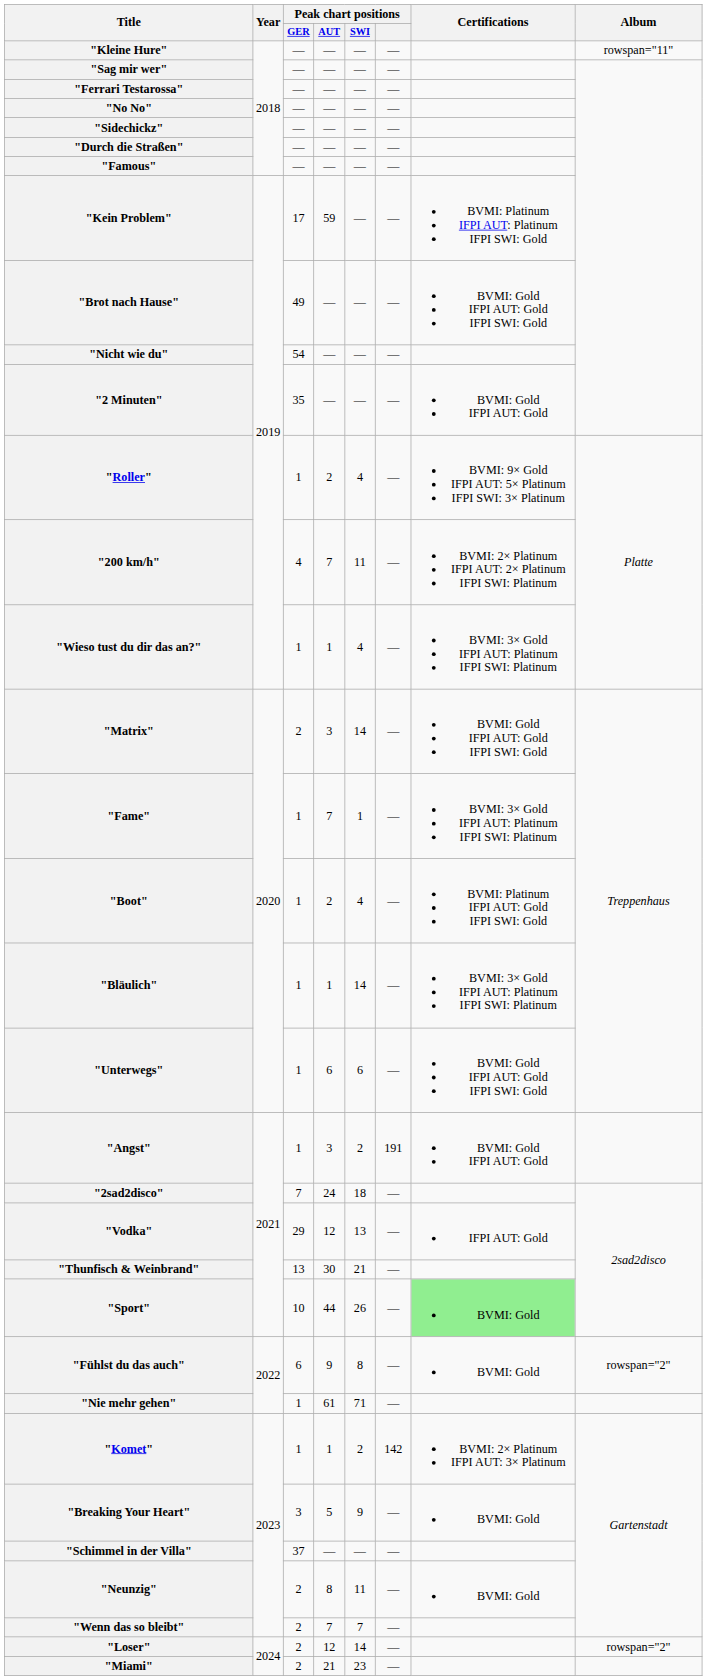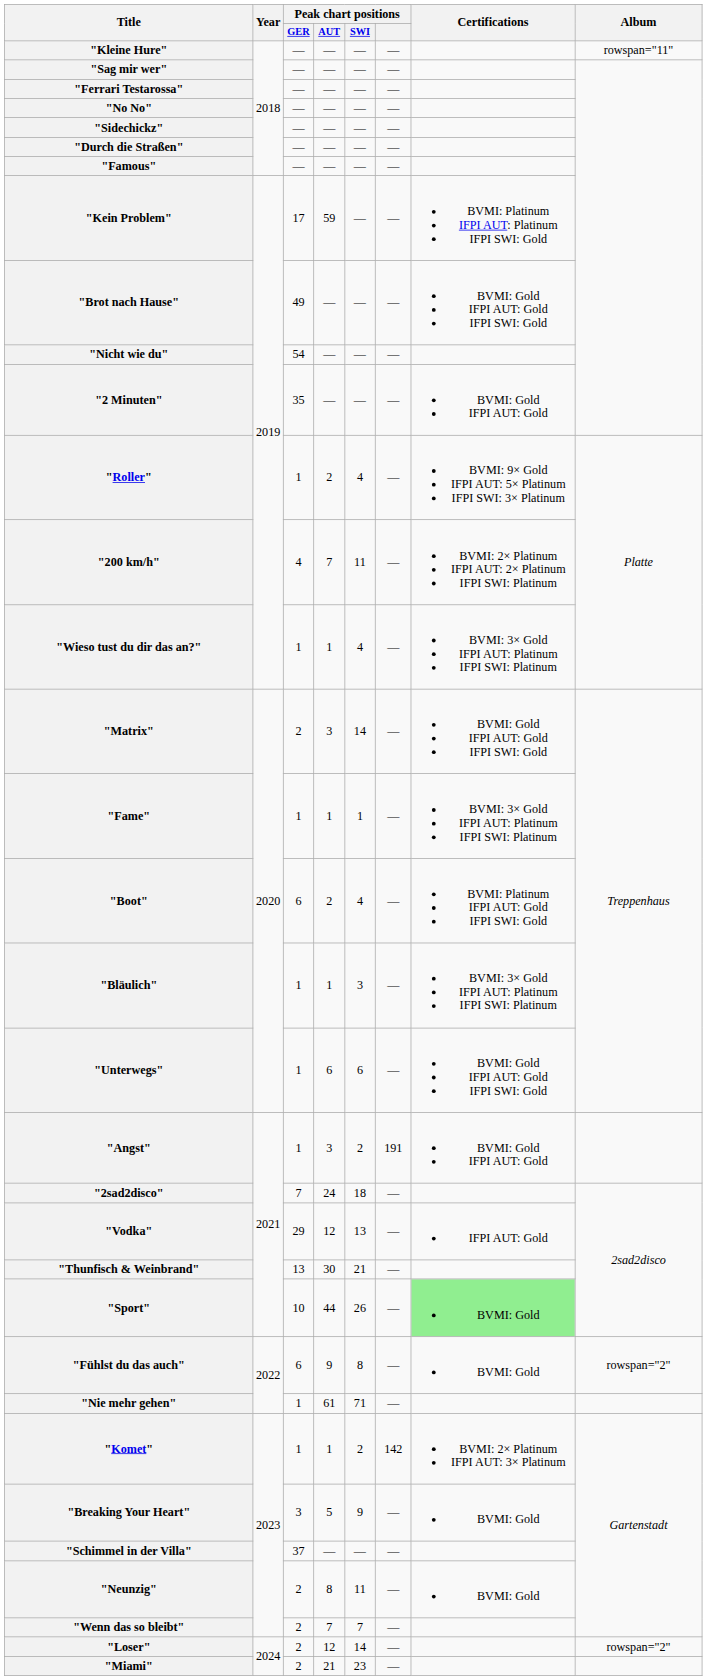 <table class="wikitable plainrowheaders" style="text-align:center;">
 <tr>
 <th scope="col" rowspan="2" style="width:20em;">Title</th>
 <th scope="col" rowspan="2" style="width:1em;">Year</th>
 <th scope="col" colspan="4">Peak chart positions</th>
 <th scope="col" rowspan="2" style="width:13em;">Certifications</th>
 <th scope="col" rowspan="2" style="width:10em;">Album</th>
 </tr>
 <tr>
 <th style="width:2.5em; font-size:85%"><a href='#'>GER</a><br></th>
 <th style="width:2.5em; font-size:85%"><a href='#'>AUT</a><br></th>
 <th style="width:2.5em; font-size:85%"><a href='#'>SWI</a><br></th>
 <th style="width:3em; font-size:85%;"><a href='#'></a><br></th>
 </tr>
 <tr>
 <th scope="row">"Kleine Hure"</th>
 <td rowspan="7">2018</td>
 <td>—</td>
 <td>—</td>
 <td>—</td>
 <td>—</td>
 <td></td>
 <td>rowspan="11" </td>
 </tr>
 <tr>
 <th scope="row">"Sag mir wer"</th>
 <td>—</td>
 <td>—</td>
 <td>—</td>
 <td>—</td>
 <td></td>
 </tr>
 <tr>
 <th scope="row">"Ferrari Testarossa"</th>
 <td>—</td>
 <td>—</td>
 <td>—</td>
 <td>—</td>
 <td></td>
 </tr>
 <tr>
 <th scope="row">"No No"</th>
 <td>—</td>
 <td>—</td>
 <td>—</td>
 <td>—</td>
 <td></td>
 </tr>
 <tr>
 <th scope="row">"Sidechickz"</th>
 <td>—</td>
 <td>—</td>
 <td>—</td>
 <td>—</td>
 <td></td>
 </tr>
 <tr>
 <th scope="row">"Durch die Straßen"</th>
 <td>—</td>
 <td>—</td>
 <td>—</td>
 <td>—</td>
 <td></td>
 </tr>
 <tr>
 <th scope="row">"Famous"</th>
 <td>—</td>
 <td>—</td>
 <td>—</td>
 <td>—</td>
 <td></td>
 </tr>
 <tr>
 <th scope="row">"Kein Problem"</th>
 <td rowspan="7">2019</td>
 <td>17</td>
 <td>59</td>
 <td>—</td>
 <td>—</td>
 <td><br><ul><li>BVMI: Platinum</li><li><a href='#'>IFPI AUT</a>: Platinum</li><li>IFPI SWI: Gold</li></ul></td>
 </tr>
 <tr>
 <th scope="row">"Brot nach Hause"</th>
 <td>49</td>
 <td>—</td>
 <td>—</td>
 <td>—</td>
 <td><br><ul><li>BVMI: Gold</li><li>IFPI AUT: Gold</li><li>IFPI SWI: Gold</li></ul></td>
 </tr>
 <tr>
 <th scope="row">"Nicht wie du"</th>
 <td>54</td>
 <td>—</td>
 <td>—</td>
 <td>—</td>
 <td></td>
 </tr>
 <tr>
 <th scope="row">"2 Minuten"</th>
 <td>35</td>
 <td>—</td>
 <td>—</td>
 <td>—</td>
 <td><br><ul><li>BVMI: Gold</li><li>IFPI AUT: Gold</li></ul></td>
 </tr>
 <tr>
 <th scope="row">"<a href='#'>Roller</a>"</th>
 <td>1</td>
 <td>2</td>
 <td>4</td>
 <td>—</td>
 <td><br><ul><li>BVMI: 9× Gold</li><li>IFPI AUT: 5× Platinum</li><li>IFPI SWI: 3× Platinum</li></ul></td>
 <td rowspan="3"><em>Platte</em></td>
 </tr>
 <tr>
 <th scope="row">"200 km/h"</th>
 <td>4</td>
 <td>7</td>
 <td>11</td>
 <td>—</td>
 <td><br><ul><li>BVMI: 2× Platinum</li><li>IFPI AUT: 2× Platinum</li><li>IFPI SWI: Platinum</li></ul></td>
 </tr>
 <tr>
 <th scope="row">"Wieso tust du dir das an?"</th>
 <td>1</td>
 <td>1</td>
 <td>4</td>
 <td>—</td>
 <td><br><ul><li>BVMI: 3× Gold</li><li>IFPI AUT: Platinum</li><li>IFPI SWI: Platinum</li></ul></td>
 </tr>
 <tr>
 <th scope="row">"Matrix"</th>
 <td rowspan="5">2020</td>
 <td>2</td>
 <td>3</td>
 <td>14</td>
 <td>—</td>
 <td><br><ul><li>BVMI: Gold</li><li>IFPI AUT: Gold</li><li>IFPI SWI: Gold</li></ul></td>
 <td rowspan="5"><em>Treppenhaus</em></td>
 </tr>
 <tr>
 <th scope="row">"Fame"</th>
 <td>1</td>
-<td>7</td>
+<td>1</td>
 <td>1</td>
 <td>—</td>
 <td><br><ul><li>BVMI: 3× Gold</li><li>IFPI AUT: Platinum</li><li>IFPI SWI: Platinum</li></ul></td>
 </tr>
 <tr>
 <th scope="row">"Boot"</th>
-<td>1</td>
+<td>6</td>
 <td>2</td>
 <td>4</td>
 <td>—</td>
 <td><br><ul><li>BVMI: Platinum</li><li>IFPI AUT: Gold</li><li>IFPI SWI: Gold</li></ul></td>
 </tr>
 <tr>
 <th scope="row">"Bläulich"</th>
 <td>1</td>
 <td>1</td>
-<td>14</td>
+<td>3</td>
 <td>—</td>
 <td><br><ul><li>BVMI: 3× Gold</li><li>IFPI AUT: Platinum</li><li>IFPI SWI: Platinum</li></ul></td>
 </tr>
 <tr>
 <th scope="row">"Unterwegs"</th>
 <td>1</td>
 <td>6</td>
 <td>6</td>
 <td>—</td>
 <td><br><ul><li>BVMI: Gold</li><li>IFPI AUT: Gold</li><li>IFPI SWI: Gold</li></ul></td>
 </tr>
 <tr>
 <th scope="row">"Angst"</th>
 <td rowspan="5">2021</td>
 <td>1</td>
 <td>3</td>
 <td>2</td>
 <td>191</td>
 <td><br><ul><li>BVMI: Gold</li><li>IFPI AUT: Gold</li></ul></td>
 <td></td>
 </tr>
 <tr>
 <th scope="row">"2sad2disco"</th>
 <td>7</td>
 <td>24</td>
 <td>18</td>
 <td>—</td>
 <td></td>
 <td rowspan="4"><em>2sad2disco</em></td>
 </tr>
 <tr>
 <th scope="row">"Vodka"</th>
 <td>29</td>
 <td>12</td>
 <td>13</td>
 <td>—</td>
 <td><br><ul><li>IFPI AUT: Gold</li></ul></td>
 </tr>
 <tr>
 <th scope="row">"Thunfisch & Weinbrand"</th>
 <td>13</td>
 <td>30</td>
 <td>21</td>
 <td>—</td>
 <td></td>
 </tr>
 <tr>
 <th scope="row">"Sport"</th>
 <td>10</td>
 <td>44</td>
 <td>26</td>
 <td>—</td>
 <td style="background: lightgreen;"><br><ul><li>BVMI: Gold</li></ul></td>
 </tr>
 <tr>
 <th scope="row">"Fühlst du das auch"</th>
 <td rowspan="2">2022</td>
 <td>6</td>
 <td>9</td>
 <td>8</td>
 <td>—</td>
 <td><br><ul><li>BVMI: Gold</li></ul></td>
 <td>rowspan="2" </td>
 </tr>
 <tr>
 <th scope="row">"Nie mehr gehen"</th>
 <td>1</td>
 <td>61</td>
 <td>71</td>
 <td>—</td>
 <td></td>
 </tr>
 <tr>
 <th scope="row">"<a href='#'>Komet</a>"<br></th>
 <td rowspan="5">2023</td>
 <td>1</td>
 <td>1</td>
 <td>2</td>
 <td>142</td>
 <td><br><ul><li>BVMI: 2× Platinum</li><li>IFPI AUT: 3× Platinum</li></ul></td>
 <td rowspan="5"><em>Gartenstadt</em></td>
 </tr>
 <tr>
 <th scope="row">"Breaking Your Heart"</th>
 <td>3</td>
 <td>5</td>
 <td>9</td>
 <td>—</td>
 <td><br><ul><li>BVMI: Gold</li></ul></td>
 </tr>
 <tr>
 <th scope="row">"Schimmel in der Villa"</th>
 <td>37</td>
 <td>—</td>
 <td>—</td>
 <td>—</td>
 <td></td>
 </tr>
 <tr>
 <th scope="row">"Neunzig"</th>
 <td>2</td>
 <td>8</td>
 <td>11</td>
 <td>—</td>
 <td><br><ul><li>BVMI: Gold</li></ul></td>
 </tr>
 <tr>
 <th scope="row">"Wenn das so bleibt"</th>
 <td>2</td>
 <td>7</td>
 <td>7</td>
 <td>—</td>
 <td></td>
 </tr>
 <tr>
 <th scope="row">"Loser"</th>
 <td rowspan="2">2024</td>
 <td>2</td>
 <td>12</td>
 <td>14</td>
 <td>—</td>
 <td></td>
 <td>rowspan="2" </td>
 </tr>
 <tr>
 <th scope="row">"Miami"</th>
 <td>2</td>
 <td>21</td>
 <td>23</td>
 <td>—</td>
 <td></td>
 </tr>
 </table>
